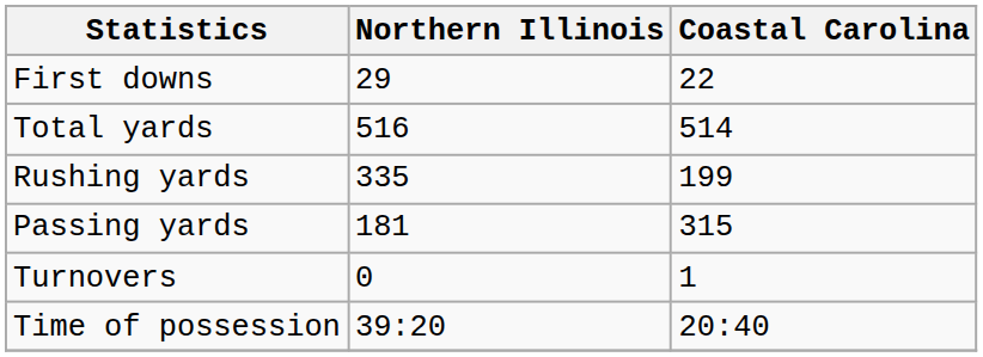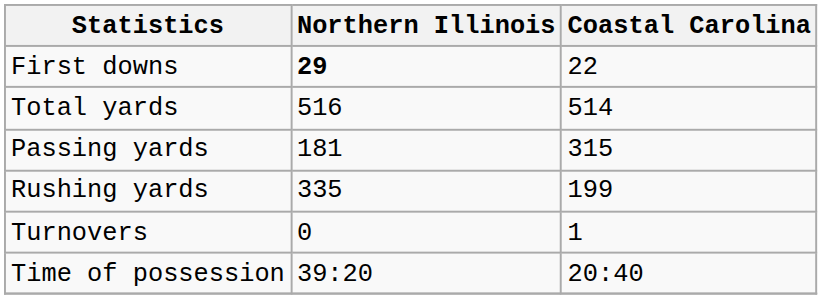 <table class="wikitable">
 <tr>
 <th>Statistics</th>
 <th>Northern Illinois</th>
 <th>Coastal Carolina</th>
 </tr>
 <tr>
 <td>First downs</td>
-<td>29</td>
+<td><strong>29</strong></td>
 <td>22</td>
 </tr>
 <tr>
 <td>Total yards</td>
 <td>516</td>
 <td>514</td>
 </tr>
 <tr>
+<td>Passing yards</td>
+<td>181</td>
+<td>315</td>
+</tr>
+<tr>
 <td>Rushing yards</td>
 <td>335</td>
 <td>199</td>
-</tr>
-<tr>
-<td>Passing yards</td>
-<td>181</td>
-<td>315</td>
 </tr>
 <tr>
 <td>Turnovers</td>
 <td>0</td>
 <td>1</td>
 </tr>
 <tr>
 <td>Time of possession</td>
 <td>39:20</td>
 <td>20:40</td>
 </tr>
 <tr>
 </tr>
 </table>
